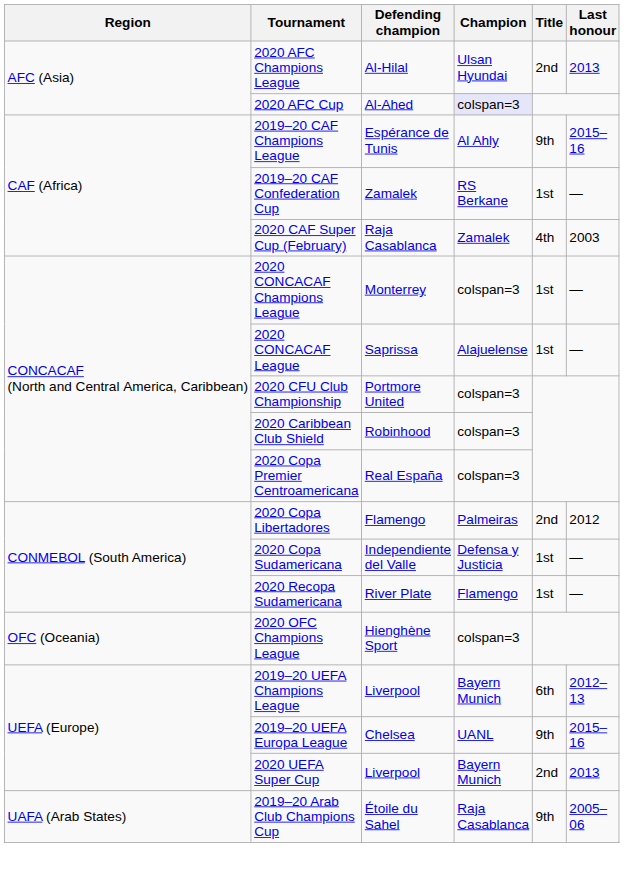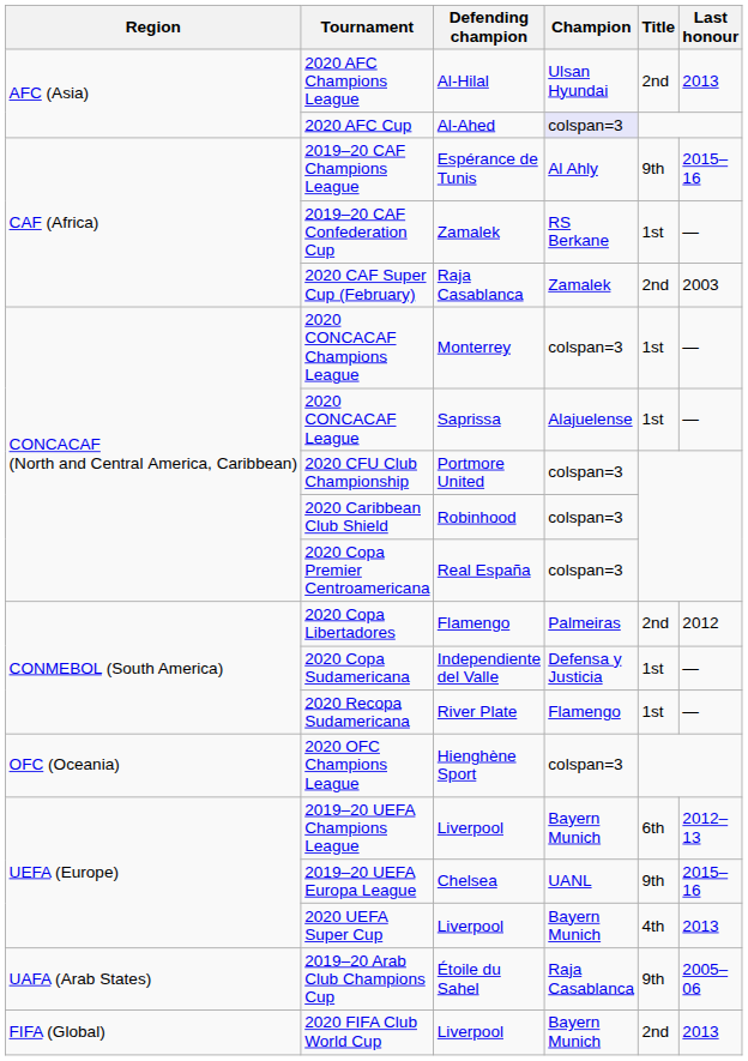 <table class="wikitable">
 <tr>
 <th>Region</th>
 <th>Tournament</th>
 <th>Defending champion</th>
 <th>Champion</th>
 <th>Title</th>
 <th>Last honour</th>
 </tr>
 <tr>
 <td rowspan=2><a href='#'>AFC</a> (Asia)</td>
 <td><a href='#'>2020 AFC Champions League</a></td>
 <td> <a href='#'>Al-Hilal</a></td>
 <td> <a href='#'>Ulsan Hyundai</a></td>
 <td>2nd</td>
 <td><a href='#'>2013</a></td>
 </tr>
 <tr>
 <td><a href='#'>2020 AFC Cup</a></td>
 <td> <a href='#'>Al-Ahed</a></td>
 <td style="background: lavender;">colspan=3 </td>
 </tr>
 <tr>
 <td rowspan=3><a href='#'>CAF</a> (Africa)</td>
 <td><a href='#'>2019–20 CAF Champions League</a></td>
 <td> <a href='#'>Espérance de Tunis</a></td>
 <td> <a href='#'>Al Ahly</a></td>
 <td>9th</td>
 <td><a href='#'>2015–16</a></td>
 </tr>
 <tr>
 <td><a href='#'>2019–20 CAF Confederation Cup</a></td>
 <td> <a href='#'>Zamalek</a></td>
 <td> <a href='#'>RS Berkane</a></td>
 <td>1st</td>
 <td>—</td>
 </tr>
 <tr>
 <td><a href='#'>2020 CAF Super Cup (February)</a></td>
 <td> <a href='#'>Raja Casablanca</a></td>
 <td> <a href='#'>Zamalek</a></td>
-<td>4th</td>
+<td>2nd</td>
 <td>2003</td>
 </tr>
 <tr>
 <td rowspan=5><a href='#'>CONCACAF</a><br>(North and Central America, Caribbean)</td>
 <td><a href='#'>2020 CONCACAF Champions League</a></td>
 <td> <a href='#'>Monterrey</a></td>
 <td>colspan=3 </td>
 <td>1st</td>
 <td>—</td>
 </tr>
 <tr>
 <td><a href='#'>2020 CONCACAF League</a></td>
 <td> <a href='#'>Saprissa</a></td>
 <td> <a href='#'>Alajuelense</a></td>
 <td>1st</td>
 <td>—</td>
 </tr>
 <tr>
 <td><a href='#'>2020 CFU Club Championship</a></td>
 <td> <a href='#'>Portmore United</a></td>
 <td>colspan=3 </td>
 </tr>
 <tr>
 <td><a href='#'>2020 Caribbean Club Shield</a></td>
 <td> <a href='#'>Robinhood</a></td>
 <td>colspan=3 </td>
 </tr>
 <tr>
 <td><a href='#'>2020 Copa Premier Centroamericana</a></td>
 <td> <a href='#'>Real España</a></td>
 <td>colspan=3 </td>
 </tr>
 <tr>
 <td rowspan=3><a href='#'>CONMEBOL</a> (South America)</td>
 <td><a href='#'>2020 Copa Libertadores</a></td>
 <td> <a href='#'>Flamengo</a></td>
 <td> <a href='#'>Palmeiras</a></td>
 <td>2nd</td>
 <td>2012</td>
 </tr>
 <tr>
 <td><a href='#'>2020 Copa Sudamericana</a></td>
 <td> <a href='#'>Independiente del Valle</a></td>
 <td> <a href='#'>Defensa y Justicia</a></td>
 <td>1st</td>
 <td>—</td>
 </tr>
 <tr>
 <td><a href='#'>2020 Recopa Sudamericana</a></td>
 <td> <a href='#'>River Plate</a></td>
 <td> <a href='#'>Flamengo</a></td>
 <td>1st</td>
 <td>—</td>
 </tr>
 <tr>
 <td><a href='#'>OFC</a> (Oceania)</td>
 <td><a href='#'>2020 OFC Champions League</a></td>
 <td> <a href='#'>Hienghène Sport</a></td>
 <td>colspan=3 </td>
 </tr>
 <tr>
 <td rowspan=3><a href='#'>UEFA</a> (Europe)</td>
 <td><a href='#'>2019–20 UEFA Champions League</a></td>
 <td> <a href='#'>Liverpool</a></td>
 <td> <a href='#'>Bayern Munich</a></td>
 <td>6th</td>
 <td><a href='#'>2012–13</a></td>
 </tr>
 <tr>
 <td><a href='#'>2019–20 UEFA Europa League</a></td>
 <td> <a href='#'>Chelsea</a></td>
 <td> <a href='#'>UANL</a></td>
 <td>9th</td>
 <td><a href='#'>2015–16</a></td>
 </tr>
 <tr>
 <td><a href='#'>2020 UEFA Super Cup</a></td>
 <td> <a href='#'>Liverpool</a></td>
 <td> <a href='#'>Bayern Munich</a></td>
-<td>2nd</td>
+<td>4th</td>
 <td><a href='#'>2013</a></td>
 </tr>
 <tr>
 <td><a href='#'>UAFA</a> (Arab States)</td>
 <td><a href='#'>2019–20 Arab Club Champions Cup</a></td>
 <td> <a href='#'>Étoile du Sahel</a></td>
 <td> <a href='#'>Raja Casablanca</a></td>
 <td>9th</td>
 <td><a href='#'>2005–06</a></td>
 </tr>
+<tr>
+<td><a href='#'>FIFA</a> (Global)</td>
+<td><a href='#'>2020 FIFA Club World Cup</a></td>
+<td> <a href='#'>Liverpool</a></td>
+<td> <a href='#'>Bayern Munich</a></td>
+<td>2nd</td>
+<td><a href='#'>2013</a></td>
+</tr>
 </table>
